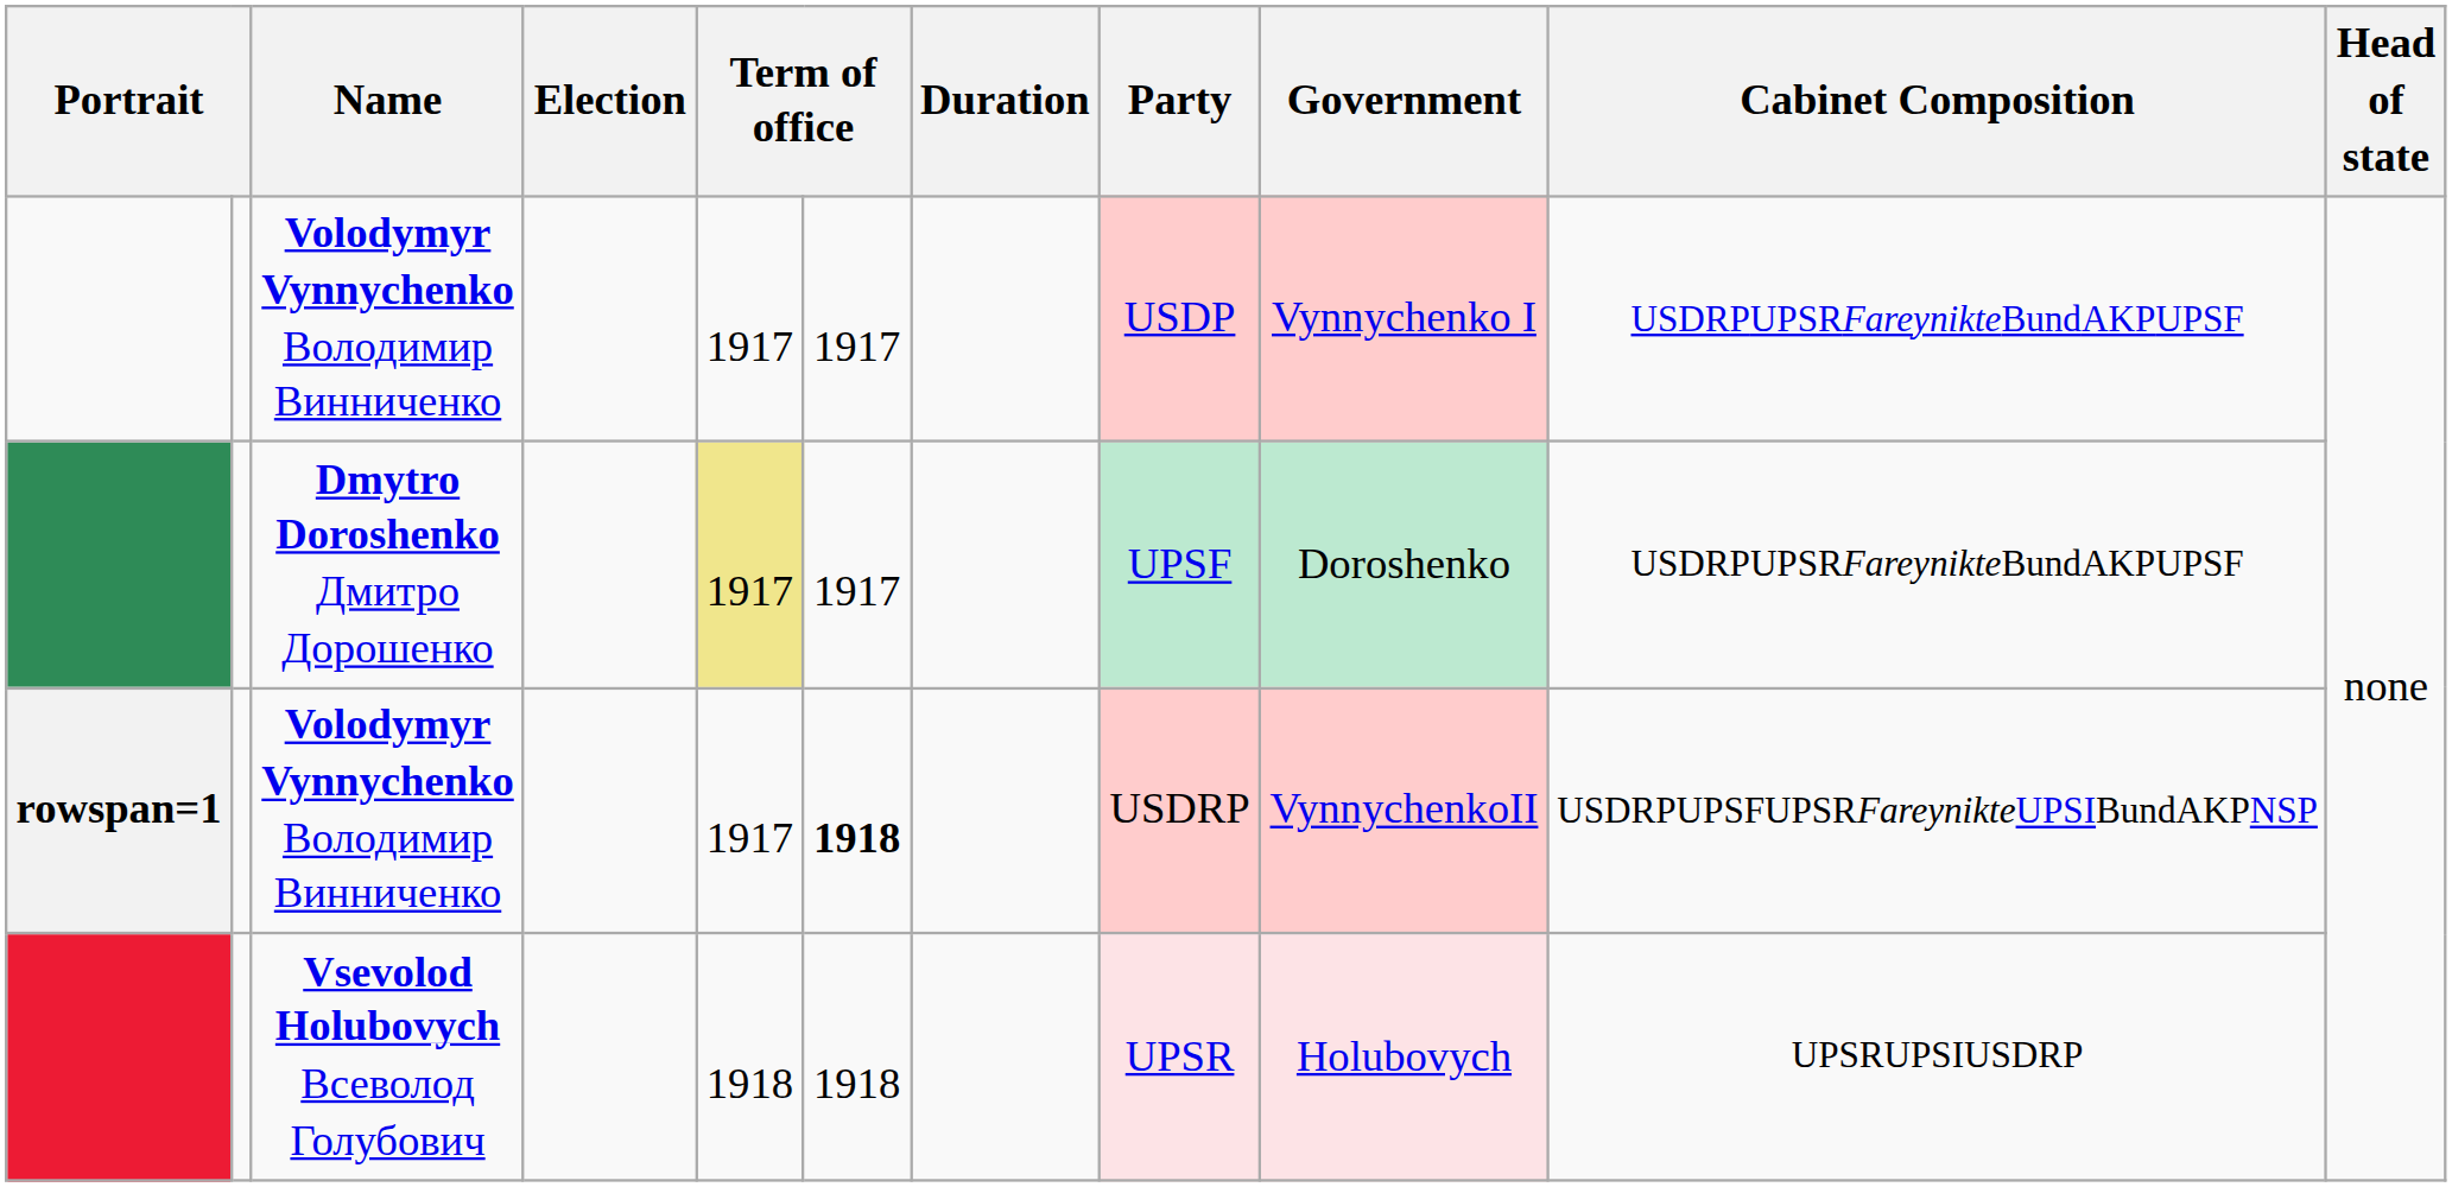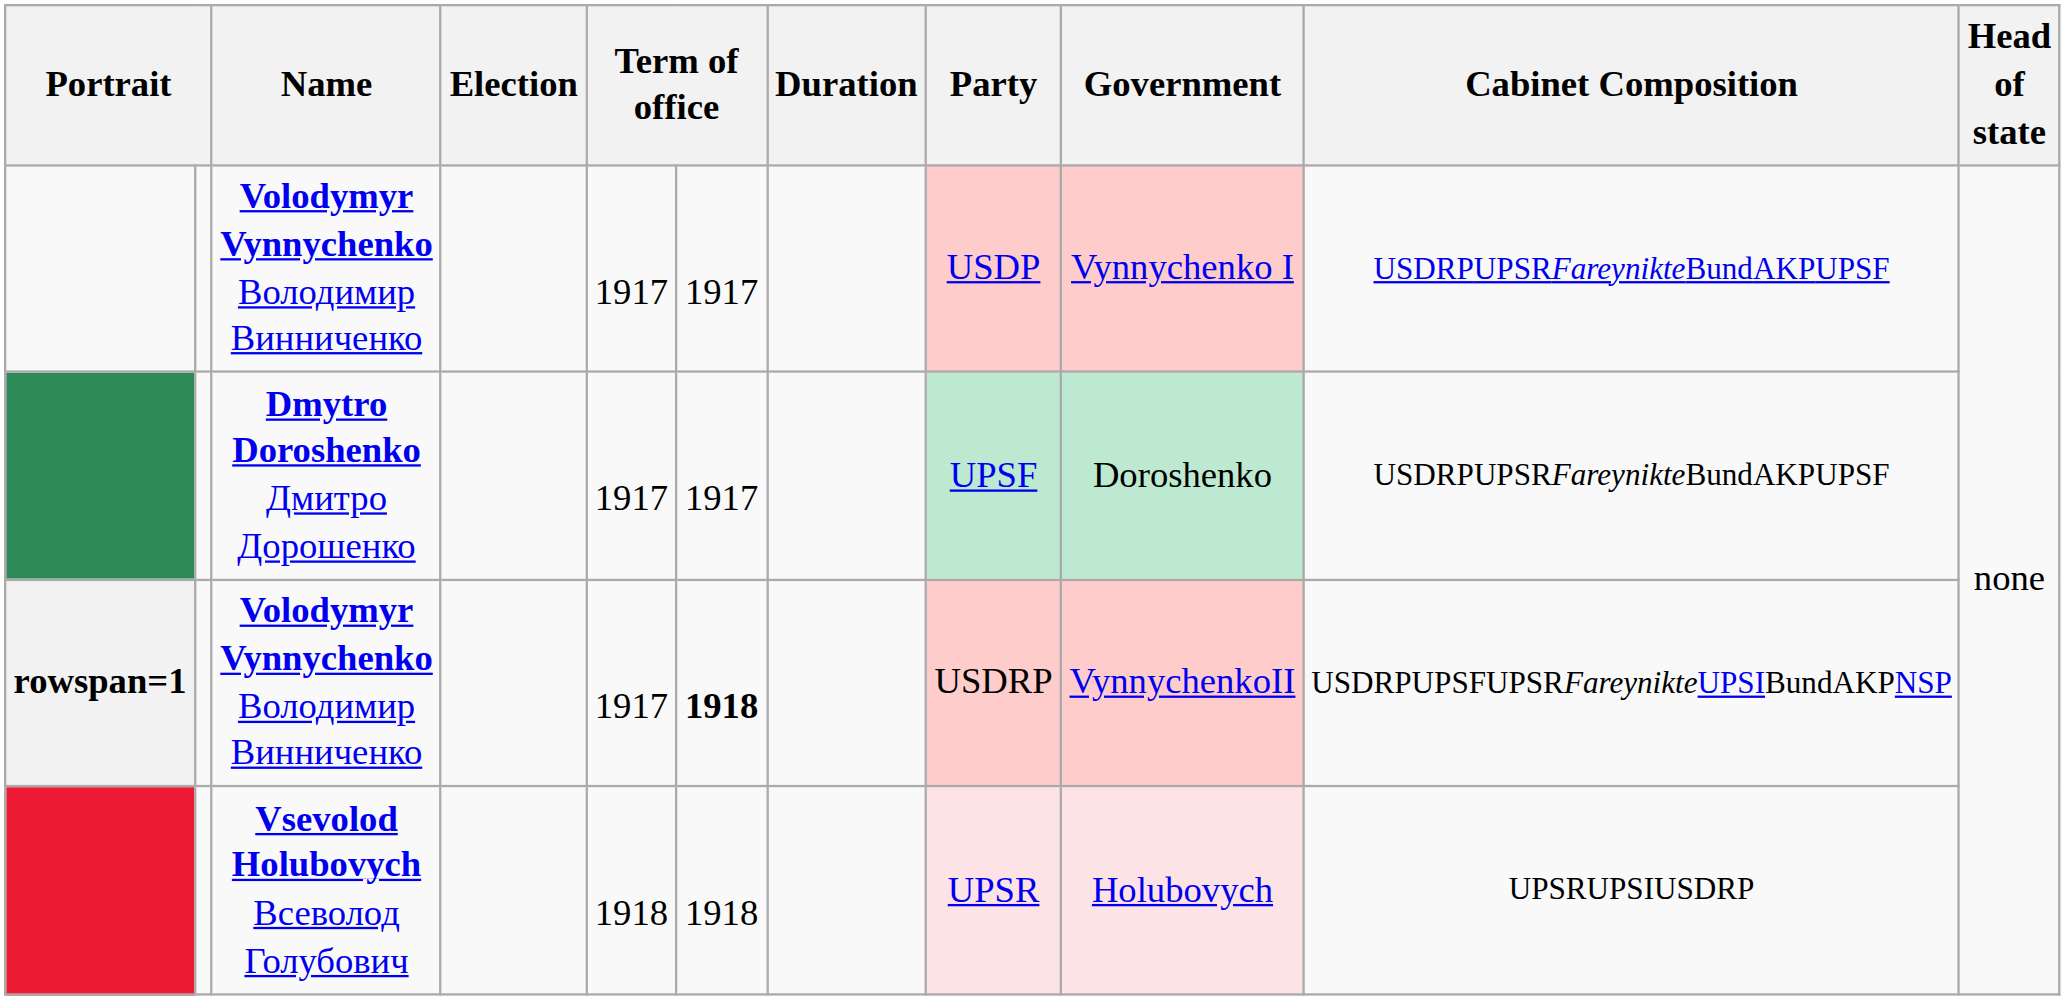 <table class="wikitable plainrowheaders" style="text-align: center; line-height: 130%; width: 99%">
 <tr>
 <th scope="col" colspan="2" style="width: 10%">Portrait</th>
 <th scope="col" style="width: 15%">Name<br></th>
 <th scope="col" style="width: 5%">Election</th>
 <th scope="col" colspan="2" style="width: 20%">Term of office</th>
 <th>Duration</th>
 <th scope="col" style="width: 10%">Party</th>
 <th scope="col" style="width: 10%">Government</th>
 <th scope="col" style="width: 20%">Cabinet Composition</th>
 <th scope="col" style="width: 10%">Head of state</th>
 </tr>
 <tr>
 <td></td>
 <td></td>
 <td><a href='#'><strong>Volodymyr Vynnychenko</strong><br><span>Володимир Винниченко</span></a><br></td>
 <td></td>
 <td class="nowrap"><br>1917</td>
 <td class="nowrap"><br>1917</td>
 <td><small></small></td>
 <td style="background:#FFCCCC "><a href='#'>USDP</a></td>
 <td style="background:#FFCCCC "><a href='#'>Vynnychenko I</a></td>
 <td style="font-size:85%; font-weight:normal; line-height:normal; text-align:center"><a href='#'>USDRP</a><a href='#'>UPSR</a><a href='#'><em>Fareynikte</em></a><a href='#'>Bund</a><a href='#'>AKP</a><a href='#'>UPSF</a></td>
 <td rowspan="4" style="font-weight:normal; text-align:center">none<br></td>
 </tr>
 <tr>
 <th style="background:#2E8B57;"></th>
 <td></td>
 <td><a href='#'><strong>Dmytro Doroshenko</strong><br><span>Дмитро Дорошенко</span></a><br></td>
 <td></td>
-<td class="nowrap" style="background: khaki;"><br>1917</td>
+<td class="nowrap"><br>1917</td>
 <td class="nowrap"><br>1917</td>
 <td><small></small></td>
 <td style="background:#BCE9D0 "><a href='#'>UPSF</a></td>
 <td style="background:#BCE9D0 ">Doroshenko</td>
 <td style="font-size:85%; font-weight:normal; line-height:normal; text-align:center">USDRPUPSR<em>Fareynikte</em>BundAKPUPSF</td>
 </tr>
 <tr>
 <th>rowspan=1 </th>
 <td></td>
 <td><a href='#'><strong>Volodymyr Vynnychenko</strong><br><span>Володимир Винниченко</span></a><br></td>
 <td></td>
 <td class="nowrap"><br>1917</td>
 <td class="nowrap"><strong><br>1918</strong></td>
 <td><small></small></td>
 <td style="background:#FFCCCC ">USDRP</td>
 <td style="background:#FFCCCC "><a href='#'>VynnychenkoII</a></td>
 <td style="font-size:85%; font-weight:normal; line-height:normal; text-align:center">USDRPUPSFUPSR<em>Fareynikte</em><a href='#'>UPSI</a>BundAKP<a href='#'>NSP</a></td>
 </tr>
 <tr>
 <th style="background:#ED1B34;"></th>
 <td></td>
 <td><a href='#'><strong>Vsevolod Holubovych</strong><br><span>Всеволод Голубович</span></a><br></td>
 <td></td>
 <td class="nowrap"><br>1918</td>
 <td class="nowrap"><br>1918</td>
 <td><small></small></td>
 <td style="background:#FDE3E6 "><a href='#'>UPSR</a></td>
 <td style="background:#FDE3E6 "><a href='#'>Holubovych</a></td>
 <td style="font-size:85%; font-weight:normal; line-height:normal; text-align:center">UPSRUPSIUSDRP</td>
 </tr>
 </table>
